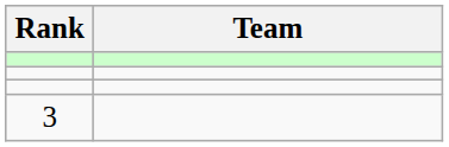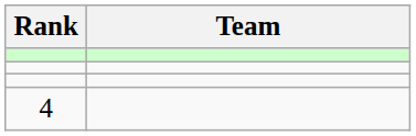 <table class="wikitable">
 <tr>
 <th width=40>Rank</th>
 <th width=180>Team</th>
 </tr>
 <tr bgcolor=#ccffcc>
 <td align=center></td>
 <td align=left></td>
 </tr>
 <tr>
 <td align=center></td>
 <td align=left></td>
 </tr>
 <tr>
 <td align=center></td>
 <td align=left></td>
 </tr>
 <tr>
-<td align=center>3</td>
+<td align=center>4</td>
 <td align=left></td>
 </tr>
 </table>
